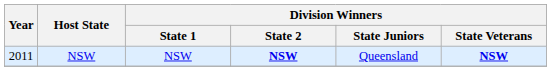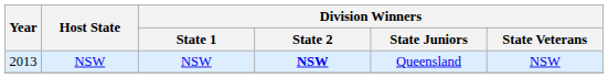 <table class="wikitable" style="font-size:90%; width: 100%; text-align: center;">
 <tr>
 <th rowspan=2 width=5%>Year</th>
 <th rowspan=2 width=15%>Host State</th>
 <th colspan=4>Division Winners</th>
 </tr>
 <tr>
 <th width=18%>State 1</th>
 <th width=18%>State 2</th>
 <th width=18%>State Juniors</th>
 <th width=18%>State Veterans</th>
 </tr>
 <tr style="background:#def">
-<td>2011<br></td>
+<td>2013<br></td>
 <td><a href='#'>NSW</a></td>
 <td><a href='#'>NSW</a></td>
 <td><strong><a href='#'>NSW</a></strong></td>
 <td><a href='#'>Queensland</a></td>
-<td><strong><a href='#'>NSW</a></strong></td>
+<td><a href='#'>NSW</a></td>
 </tr>
 <tr>
 </tr>
 </table>
